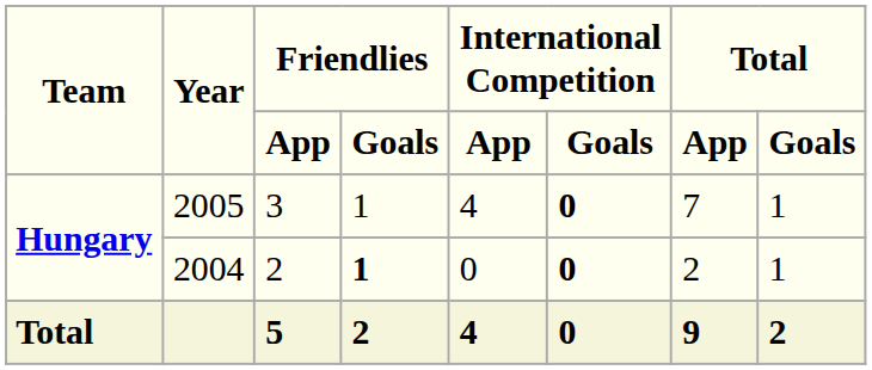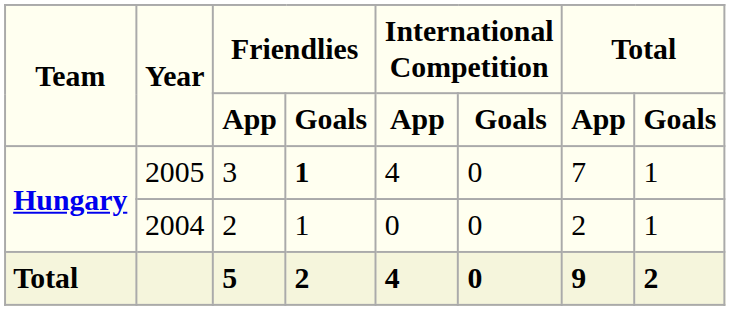 <table border=1 align=center cellpadding=4 cellspacing=2 style="background: ivory; font-size: 95%; border: 1px #aaaaaa solid; border-collapse: collapse; clear:center">
 <tr>
 <th rowspan="2">Team</th>
 <th rowspan="2">Year</th>
 <th colspan="2">Friendlies</th>
 <th colspan="2">International<br>Competition</th>
 <th colspan="2">Total</th>
 </tr>
 <tr>
 <th>App</th>
 <th>Goals</th>
 <th>App</th>
 <th>Goals</th>
 <th>App</th>
 <th>Goals</th>
 </tr>
 <tr>
 <td rowspan="2" align=center valign=center><strong><a href='#'>Hungary</a></strong></td>
 <td>2005</td>
 <td>3</td>
-<td>1</td>
+<td><strong>1</strong></td>
 <td>4</td>
-<td><strong>0</strong></td>
+<td>0</td>
 <td>7</td>
 <td>1</td>
 </tr>
 <tr>
 <td>2004</td>
 <td>2</td>
-<td><strong>1</strong></td>
+<td>1</td>
 <td>0</td>
-<td><strong>0</strong></td>
+<td>0</td>
 <td>2</td>
 <td>1</td>
 </tr>
 <tr>
 <th align=left style="background:beige">Total</th>
 <th align=left style="background:beige" colspan="1"></th>
 <th align=left style="background:beige">5</th>
 <th align=left style="background:beige">2</th>
 <th align=left style="background:beige">4</th>
 <th align=left style="background:beige">0</th>
 <th align=left style="background:beige">9</th>
 <th align=left style="background:beige">2</th>
 </tr>
 </table>
